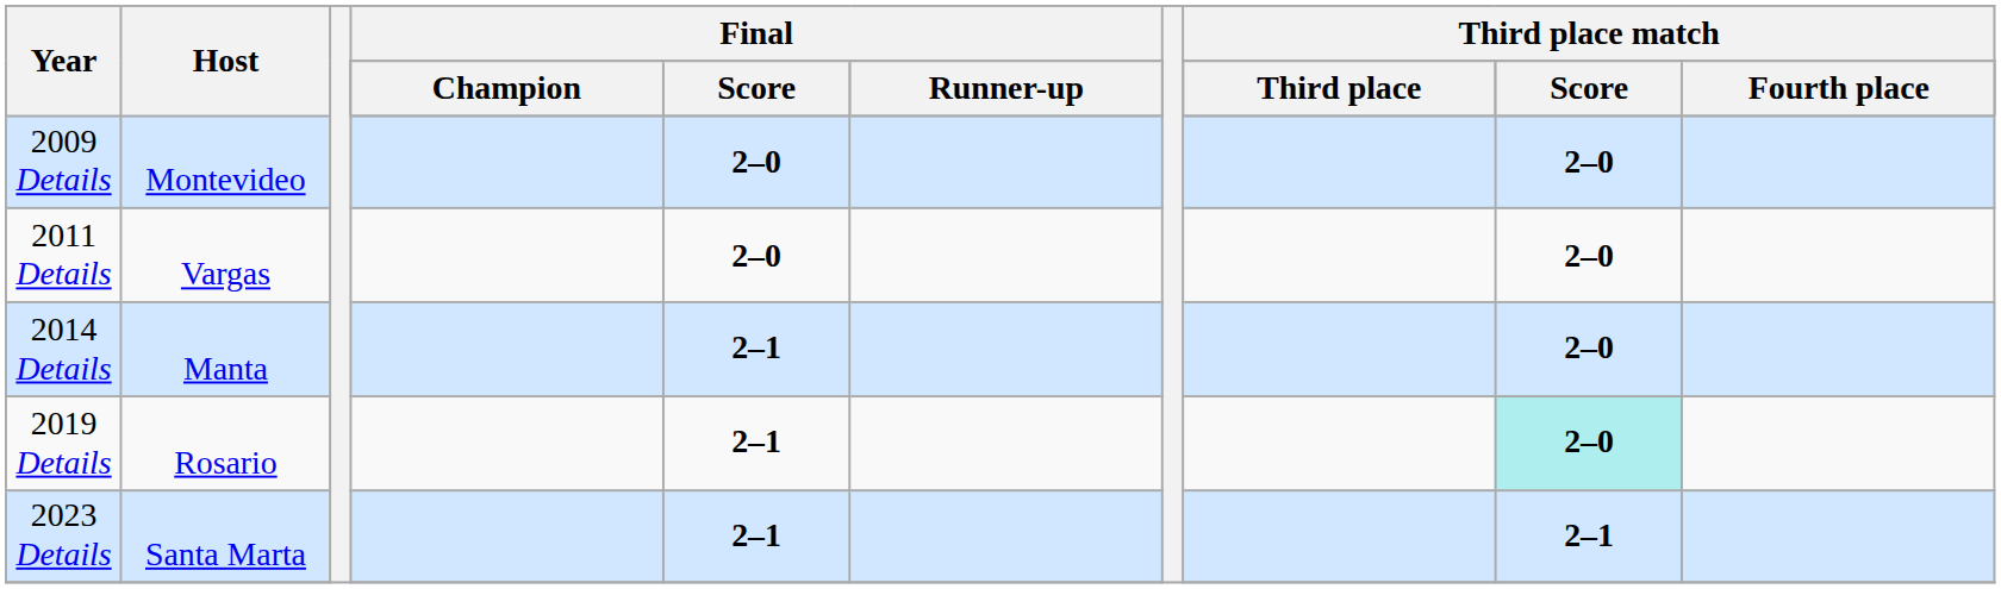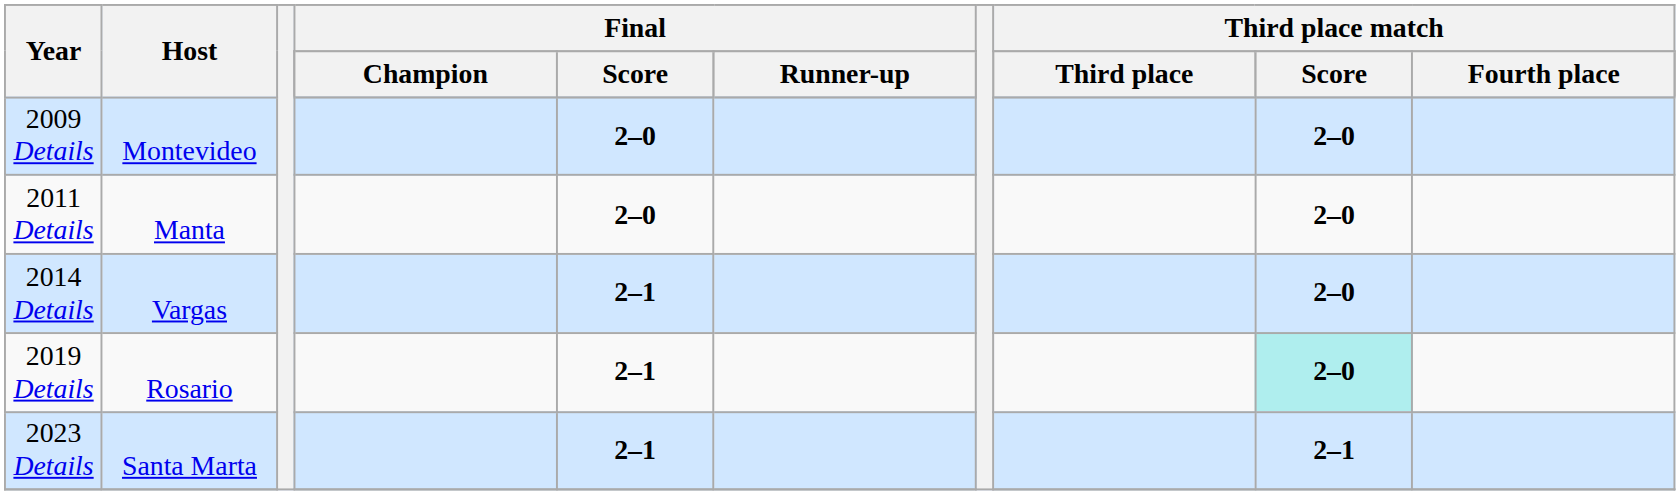 <table class="wikitable" style="font-size:90%; width: 98%; text-align: center;">
 <tr bgcolor=#C1D8FF>
 <th rowspan=2 width=5%>Year</th>
 <th rowspan=2 width=10%>Host</th>
 <th width=1% rowspan=100 bgcolor=ffffff></th>
 <th colspan=3>Final</th>
 <th width=1% rowspan=100 bgcolor=ffffff></th>
 <th colspan=3>Third place match</th>
 </tr>
 <tr bgcolor=FEF>
 <th width=15%>Champion</th>
 <th width=9%>Score</th>
 <th width=15%>Runner-up</th>
 <th width=15%>Third place</th>
 <th width=9%>Score</th>
 <th width=15%>Fourth place</th>
 </tr>
 <tr bgcolor=#D0E7FF>
 <td>2009<br><em><a href='#'>Details</a></em></td>
 <td><br><a href='#'>Montevideo</a></td>
 <td><strong></strong></td>
 <td><strong> 2–0 </strong></td>
 <td></td>
 <td></td>
 <td><strong> 2–0 </strong></td>
 <td></td>
 </tr>
 <tr>
 <td>2011<br><em><a href='#'>Details</a></em></td>
-<td><br><a href='#'>Vargas</a></td>
+<td><br><a href='#'>Manta</a></td>
 <td><strong></strong></td>
 <td><strong> 2–0 </strong></td>
 <td></td>
 <td></td>
 <td><strong> 2–0 </strong></td>
 <td></td>
 </tr>
 <tr bgcolor=#D0E7FF>
 <td>2014<br><em><a href='#'>Details</a></em></td>
-<td><br><a href='#'>Manta</a></td>
+<td><br><a href='#'>Vargas</a></td>
 <td><strong></strong></td>
 <td><strong> 2–1 </strong></td>
 <td></td>
 <td></td>
 <td><strong> 2–0 </strong></td>
 <td></td>
 </tr>
 <tr>
 <td>2019<br><em><a href='#'>Details</a></em></td>
 <td><br><a href='#'>Rosario</a></td>
 <td><strong></strong></td>
 <td><strong> 2–1 </strong></td>
 <td></td>
 <td></td>
 <td style="background: paleturquoise;"><strong> 2–0 </strong></td>
 <td></td>
 </tr>
 <tr bgcolor=#D0E7FF>
 <td>2023<br><em><a href='#'>Details</a></em></td>
 <td><br><a href='#'>Santa Marta</a></td>
 <td><strong></strong></td>
 <td><strong> 2–1 </strong></td>
 <td></td>
 <td></td>
 <td><strong> 2–1 </strong></td>
 <td></td>
 </tr>
 <tr>
 </tr>
 </table>
